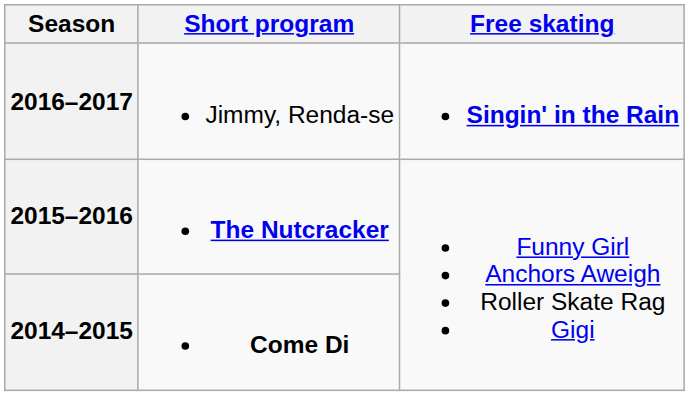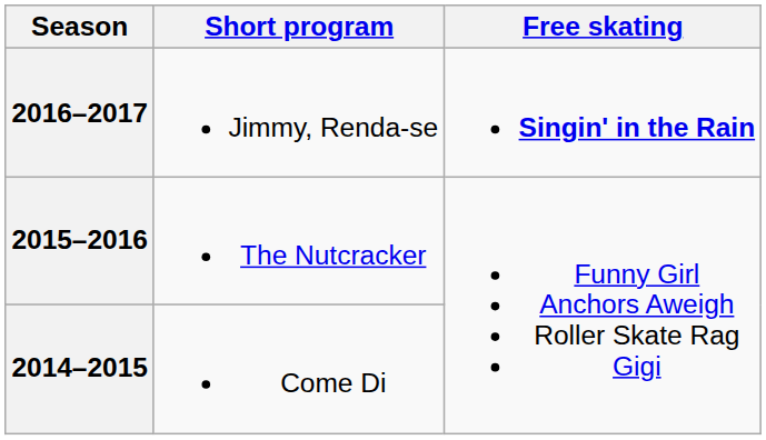 <table class=wikitable style=text-align:center>
 <tr>
 <th>Season</th>
 <th><a href='#'>Short program</a></th>
 <th><a href='#'>Free skating</a></th>
 </tr>
 <tr>
 <th>2016–2017 <br> </th>
 <td><br><ul><li>Jimmy, Renda-se <br></li></ul></td>
 <td><strong><br><ul><li><a href='#'>Singin' in the Rain</a> <br></li></ul></strong></td>
 </tr>
 <tr>
 <th>2015–2016 <br> </th>
-<td><strong><br><ul><li><a href='#'>The Nutcracker</a> <br></li></ul></strong></td>
+<td><br><ul><li><a href='#'>The Nutcracker</a> <br></li></ul></td>
 <td rowspan=2><br><ul><li><a href='#'>Funny Girl</a> <br></li><li><a href='#'>Anchors Aweigh</a></li><li>Roller Skate Rag</li><li><a href='#'>Gigi</a> <br></li></ul></td>
 </tr>
 <tr>
 <th>2014–2015</th>
-<td><strong><br><ul><li>Come Di <br></li></ul></strong></td>
+<td><br><ul><li>Come Di <br></li></ul></td>
 </tr>
 </table>
